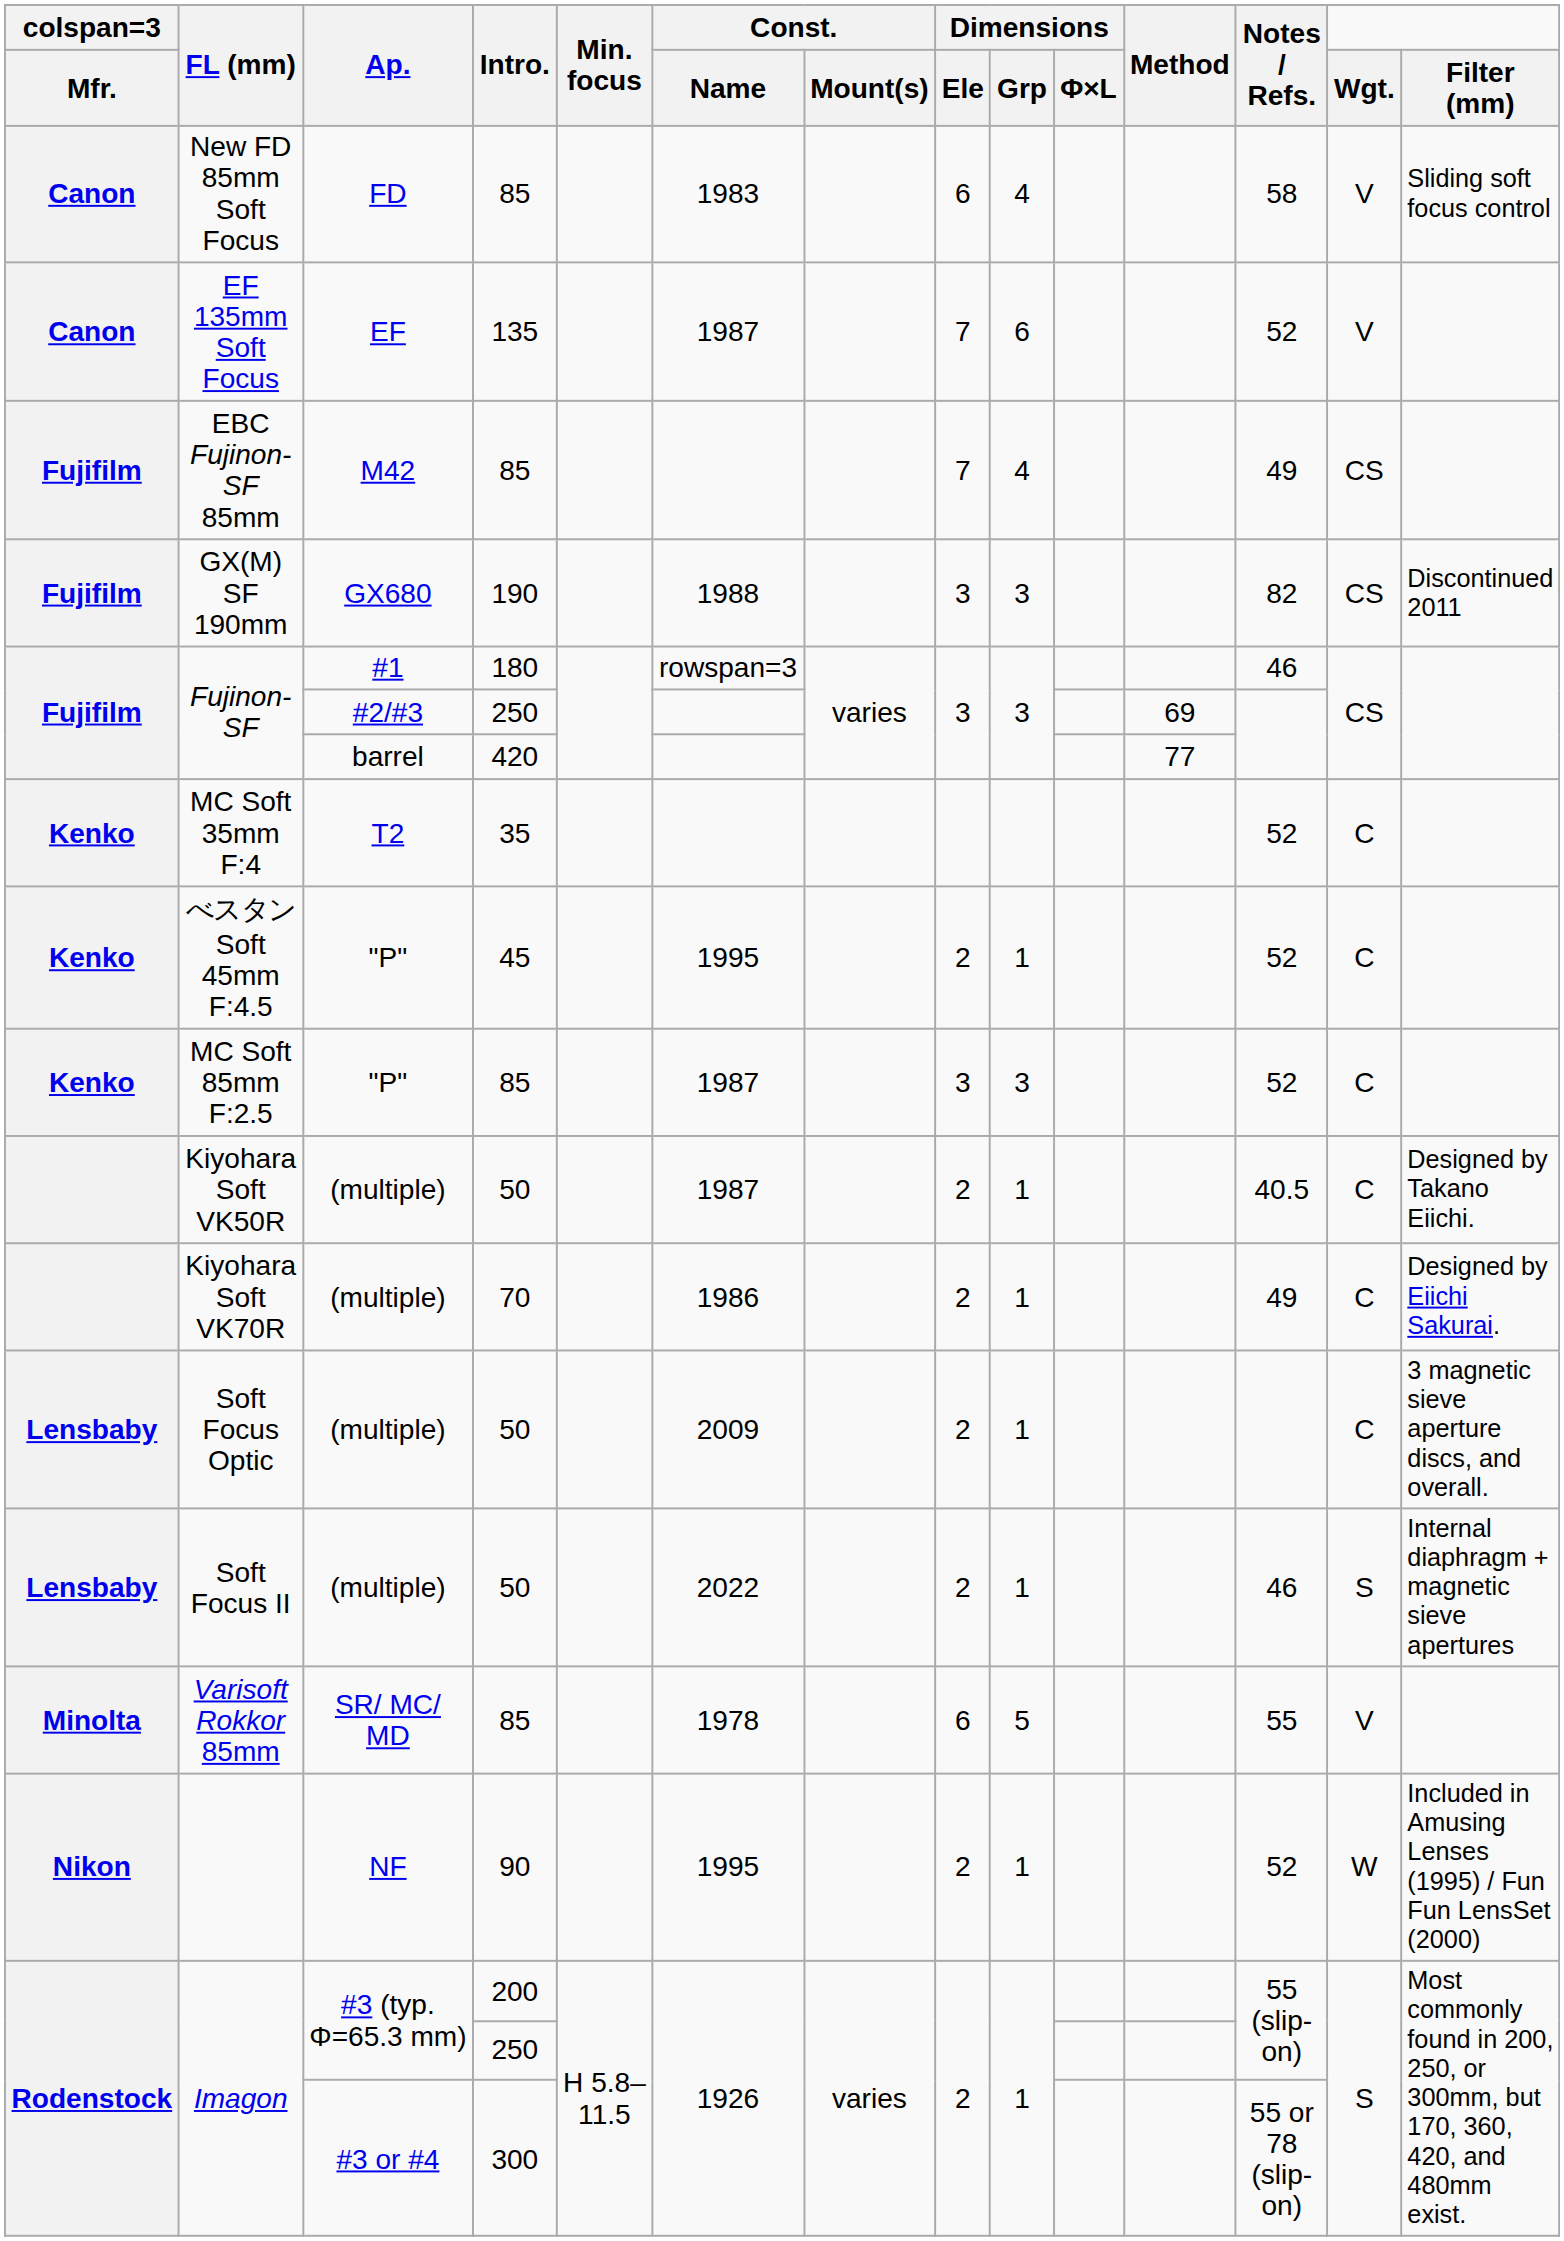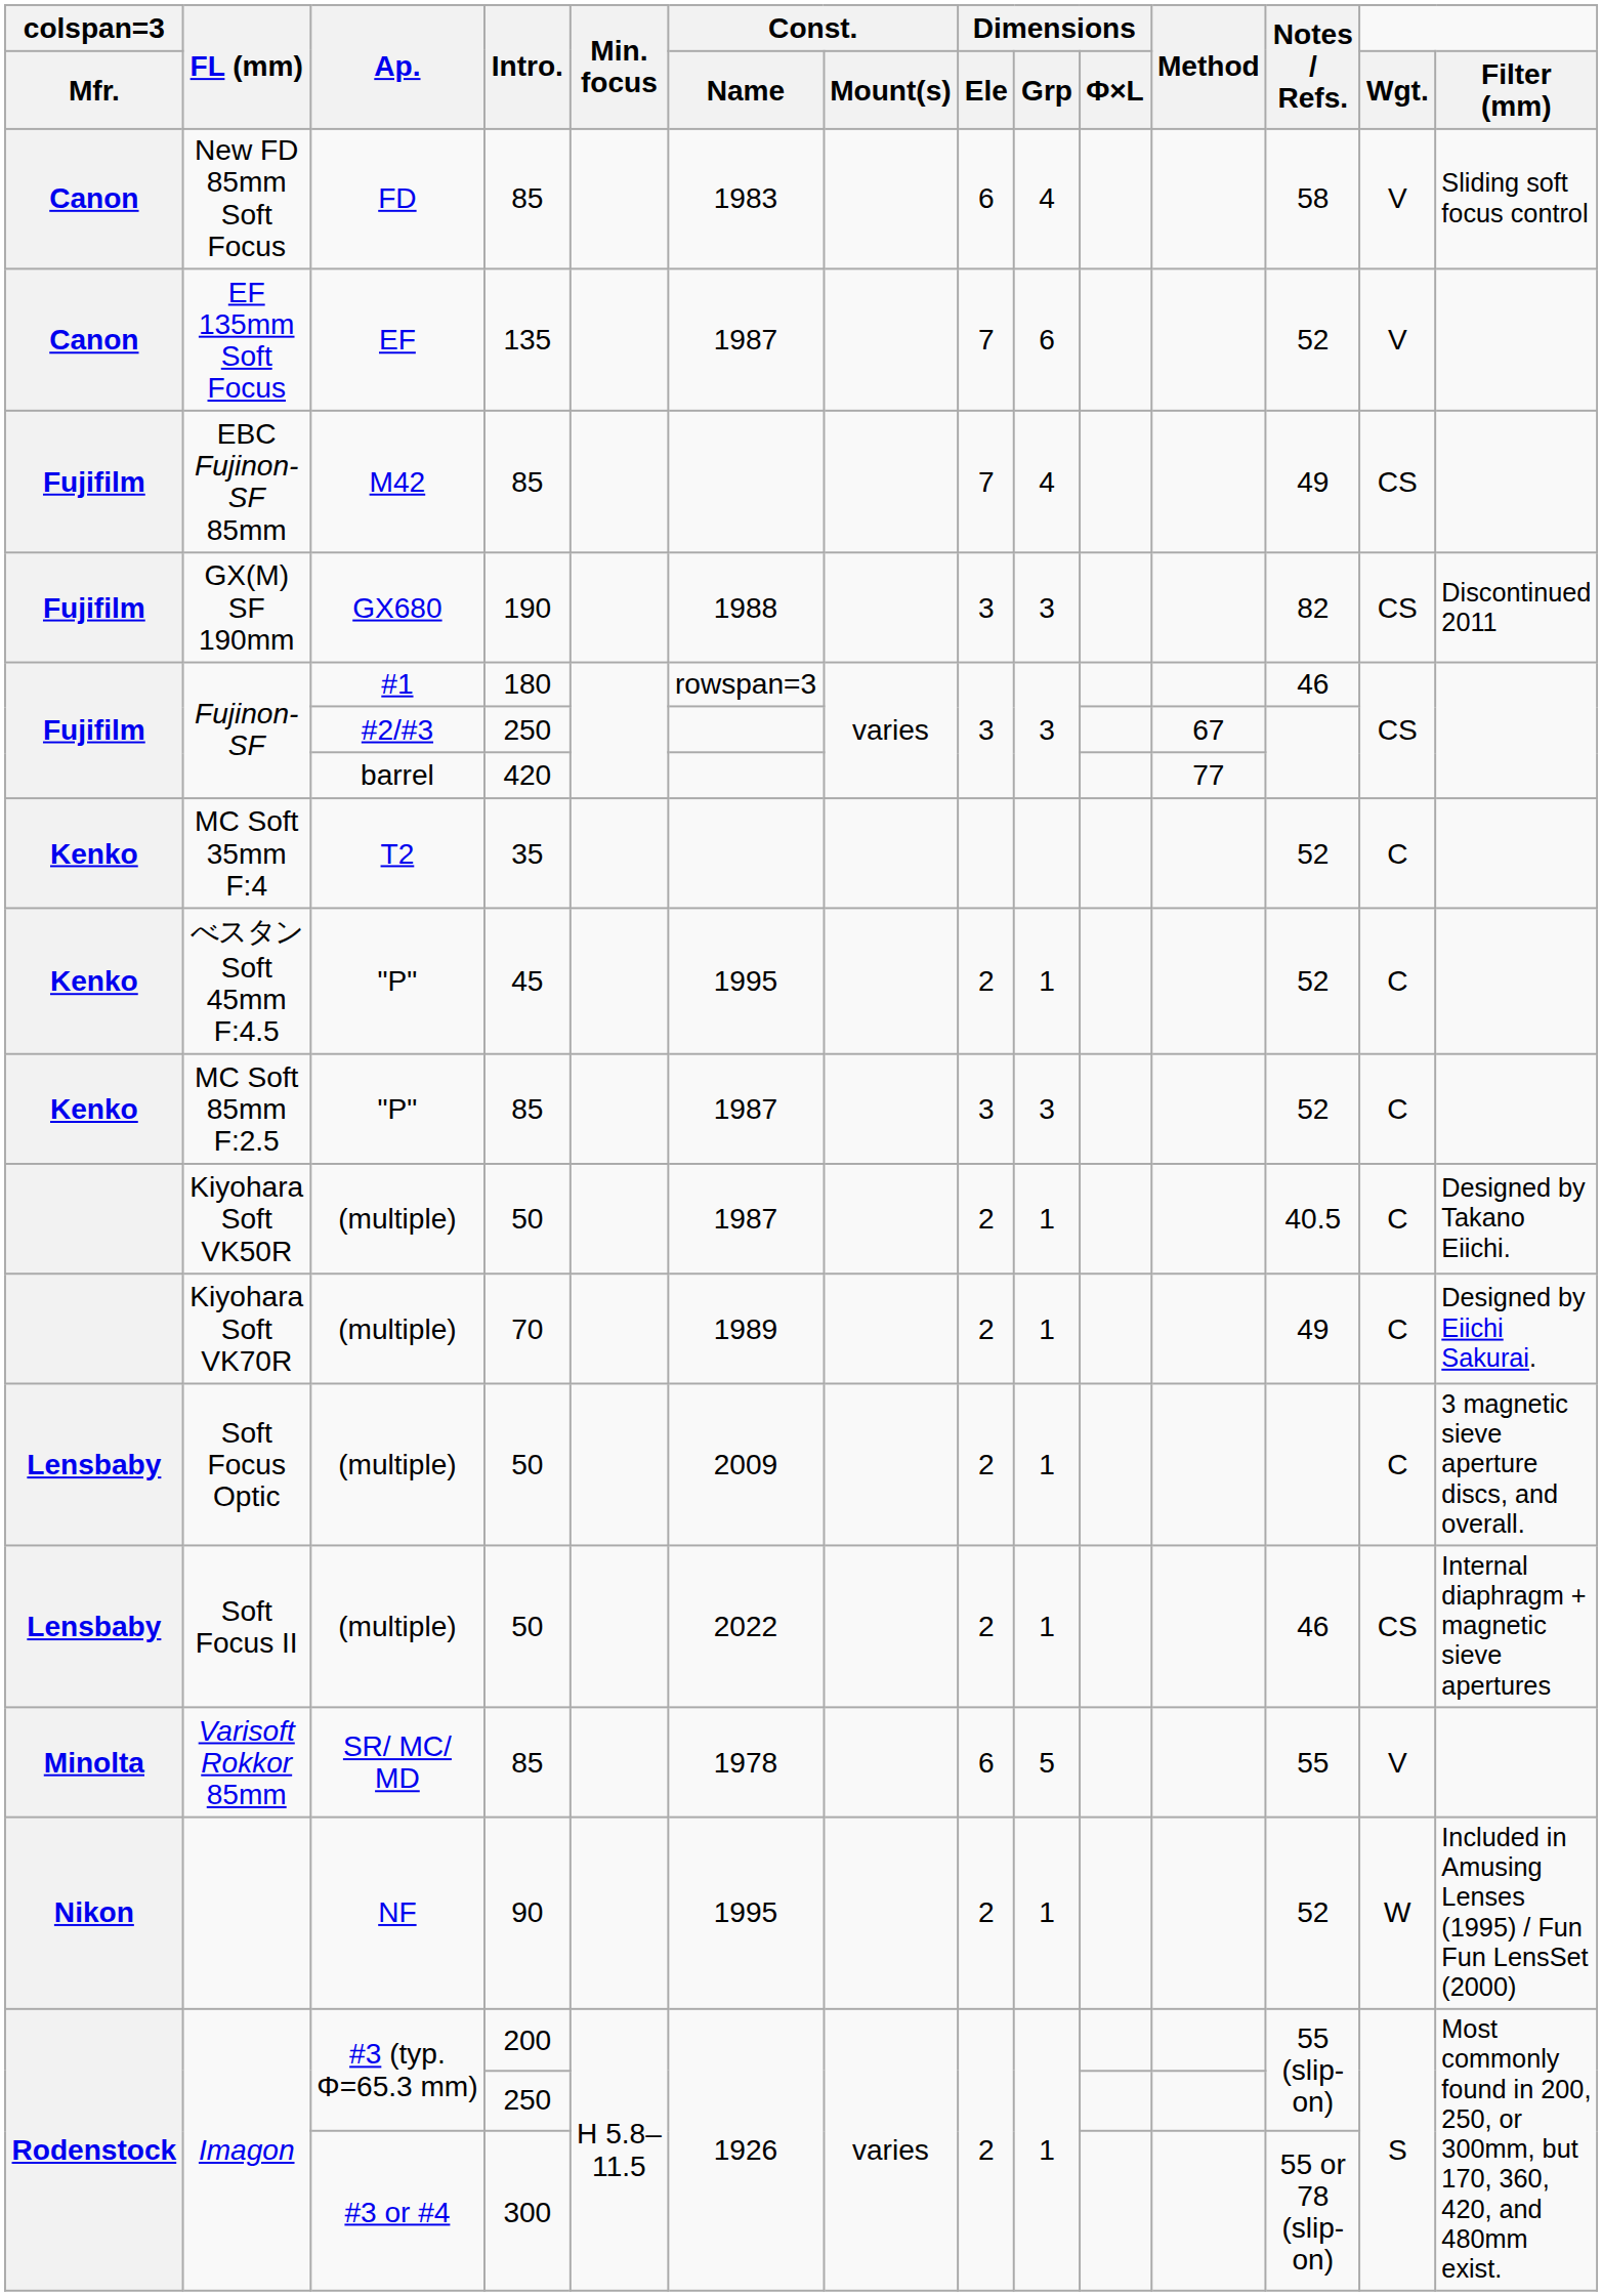 <table class="wikitable" style="font-size:90%;text-align:center;">
 <tr>
 <th>colspan=3 </th>
 <th rowspan=2><a href='#'>FL</a> (mm)</th>
 <th rowspan=2><a href='#'>Ap.</a></th>
 <th rowspan=2>Intro.</th>
 <th rowspan=2>Min. focus</th>
 <th colspan=2>Const.</th>
 <th colspan=3>Dimensions</th>
 <th rowspan=2>Method</th>
 <th rowspan=2>Notes / Refs.</th>
 </tr>
 <tr>
 <th>Mfr.</th>
 <th>Name</th>
 <th>Mount(s)</th>
 <th>Ele</th>
 <th>Grp</th>
 <th>Φ×L</th>
 <th>Wgt.</th>
 <th>Filter (mm)<br></th>
 </tr>
 <tr>
 <th><a href='#'>Canon</a></th>
 <td>New FD 85mm  Soft Focus</td>
 <td><a href='#'>FD</a></td>
 <td>85</td>
 <td></td>
 <td>1983</td>
 <td></td>
 <td>6</td>
 <td>4</td>
 <td></td>
 <td></td>
 <td>58</td>
 <td>V</td>
 <td style="font-size:90%;text-align:left;">Sliding soft focus control</td>
 </tr>
 <tr>
 <th><a href='#'>Canon</a></th>
 <td><a href='#'>EF 135mm  Soft Focus</a></td>
 <td><a href='#'>EF</a></td>
 <td>135</td>
 <td></td>
 <td>1987</td>
 <td></td>
 <td>7</td>
 <td>6</td>
 <td></td>
 <td></td>
 <td>52</td>
 <td>V</td>
 <td style="font-size:90%;text-align:left;"></td>
 </tr>
 <tr>
 <th><a href='#'>Fujifilm</a></th>
 <td>EBC <em>Fujinon-SF</em> 85mm </td>
 <td><a href='#'>M42</a></td>
 <td>85</td>
 <td></td>
 <td></td>
 <td></td>
 <td>7</td>
 <td>4</td>
 <td></td>
 <td></td>
 <td>49</td>
 <td>CS</td>
 <td style="font-size:90%;text-align:left;"></td>
 </tr>
 <tr>
 <th><a href='#'>Fujifilm</a></th>
 <td>GX(M) SF 190mm </td>
 <td><a href='#'>GX680</a></td>
 <td>190</td>
 <td></td>
 <td>1988</td>
 <td></td>
 <td>3</td>
 <td>3</td>
 <td></td>
 <td></td>
 <td>82</td>
 <td>CS</td>
 <td style="font-size:90%;text-align:left;">Discontinued 2011</td>
 </tr>
 <tr>
 <th rowspan=3><a href='#'>Fujifilm</a></th>
 <td rowspan=3><em>Fujinon-SF</em></td>
 <td><a href='#'>#1</a></td>
 <td>180</td>
 <td rowspan=3></td>
 <td>rowspan=3 </td>
 <td rowspan=3>varies</td>
 <td rowspan=3>3</td>
 <td rowspan=3>3</td>
 <td></td>
 <td></td>
 <td>46</td>
 <td rowspan=3>CS</td>
 <td rowspan=3 style="font-size:90%;text-align:left;"></td>
 </tr>
 <tr>
 <td><a href='#'>#2/#3</a></td>
 <td>250</td>
 <td></td>
 <td></td>
-<td>69</td>
+<td>67</td>
 </tr>
 <tr>
 <td>barrel</td>
 <td>420</td>
 <td></td>
 <td></td>
 <td>77</td>
 </tr>
 <tr>
 <th><a href='#'>Kenko</a></th>
 <td>MC Soft 35mm F:4</td>
 <td><a href='#'>T2</a></td>
 <td>35</td>
 <td></td>
 <td></td>
 <td></td>
 <td></td>
 <td></td>
 <td></td>
 <td></td>
 <td>52</td>
 <td>C</td>
 <td style="font-size:90%;text-align:left;"></td>
 </tr>
 <tr>
 <th><a href='#'>Kenko</a></th>
 <td>べスタンSoft 45mm F:4.5</td>
 <td>"P"</td>
 <td>45</td>
 <td></td>
 <td>1995</td>
 <td></td>
 <td>2</td>
 <td>1</td>
 <td></td>
 <td></td>
 <td>52</td>
 <td>C</td>
 <td style="font-size:90%;text-align:left;"></td>
 </tr>
 <tr>
 <th><a href='#'>Kenko</a></th>
 <td>MC Soft 85mm F:2.5</td>
 <td>"P"</td>
 <td>85</td>
 <td></td>
 <td>1987</td>
 <td></td>
 <td>3</td>
 <td>3</td>
 <td></td>
 <td></td>
 <td>52</td>
 <td>C</td>
 <td style="font-size:90%;text-align:left;"></td>
 </tr>
 <tr>
 <th></th>
 <td>Kiyohara Soft VK50R</td>
 <td>(multiple)</td>
 <td>50</td>
 <td></td>
 <td>1987</td>
 <td></td>
 <td>2</td>
 <td>1</td>
 <td></td>
 <td></td>
 <td>40.5</td>
 <td>C</td>
 <td style="font-size:90%;text-align:left;">Designed by Takano Eiichi.</td>
 </tr>
 <tr>
 <th></th>
 <td>Kiyohara Soft VK70R</td>
 <td>(multiple)</td>
 <td>70</td>
 <td></td>
-<td>1986</td>
+<td>1989</td>
 <td></td>
 <td>2</td>
 <td>1</td>
 <td></td>
 <td></td>
 <td>49</td>
 <td>C</td>
 <td style="font-size:90%;text-align:left;">Designed by <a href='#'>Eiichi Sakurai</a>.</td>
 </tr>
 <tr>
 <th><a href='#'>Lensbaby</a></th>
 <td>Soft Focus Optic</td>
 <td>(multiple)</td>
 <td>50</td>
 <td></td>
 <td>2009</td>
 <td></td>
 <td>2</td>
 <td>1</td>
 <td></td>
 <td></td>
 <td></td>
 <td>C</td>
 <td style="font-size:90%;text-align:left;">3 magnetic sieve aperture discs,  and  overall.</td>
 </tr>
 <tr>
 <th><a href='#'>Lensbaby</a></th>
 <td>Soft Focus II</td>
 <td>(multiple)</td>
 <td>50</td>
 <td></td>
 <td>2022</td>
 <td></td>
 <td>2</td>
 <td>1</td>
 <td></td>
 <td></td>
 <td>46</td>
-<td>S</td>
+<td>CS</td>
 <td style="font-size:90%;text-align:left;">Internal diaphragm + magnetic sieve apertures</td>
 </tr>
 <tr>
 <th><a href='#'>Minolta</a></th>
 <td><a href='#'><em>Varisoft Rokkor</em> 85mm </a></td>
 <td><a href='#'>SR/ MC/ MD</a></td>
 <td>85</td>
 <td></td>
 <td>1978</td>
 <td></td>
 <td>6</td>
 <td>5</td>
 <td></td>
 <td></td>
 <td>55</td>
 <td>V</td>
 <td style="font-size:90%;text-align:left;"></td>
 </tr>
 <tr>
 <th><a href='#'>Nikon</a></th>
 <td></td>
 <td><a href='#'>NF</a></td>
 <td>90</td>
 <td></td>
 <td>1995</td>
 <td></td>
 <td>2</td>
 <td>1</td>
 <td></td>
 <td></td>
 <td>52</td>
 <td>W</td>
 <td style="font-size:90%;text-align:left;">Included in Amusing Lenses (1995) / Fun Fun LensSet (2000)</td>
 </tr>
 <tr>
 <th rowspan=3><a href='#'>Rodenstock</a></th>
 <td rowspan=3><a href='#'><em>Imagon</em></a></td>
 <td rowspan=2><a href='#'>#3</a> (typ. Φ=65.3 mm)</td>
 <td>200</td>
 <td rowspan=3>H 5.8–11.5</td>
 <td rowspan=3>1926</td>
 <td rowspan=3>varies</td>
 <td rowspan=3>2</td>
 <td rowspan=3>1</td>
 <td></td>
 <td></td>
 <td rowspan=2>55 (slip-on)</td>
 <td rowspan=3>S</td>
 <td rowspan=3 style="font-size:90%;text-align:left;">Most commonly found in 200, 250, or 300mm, but 170, 360, 420, and 480mm exist.</td>
 </tr>
 <tr>
 <td>250</td>
 <td></td>
 <td></td>
 </tr>
 <tr>
 <td><a href='#'>#3 or #4</a></td>
 <td>300</td>
 <td></td>
 <td></td>
 <td>55 or 78 (slip-on)</td>
 </tr>
 </table>
